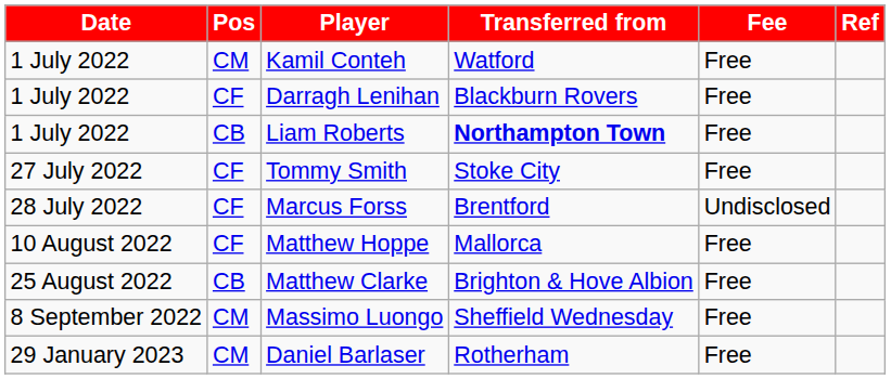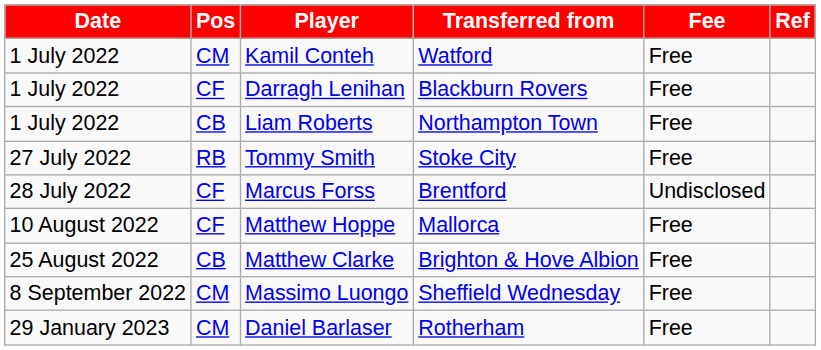 <table class="wikitable plainrowheaders sortable">
 <tr>
 <th style="background:#FF0000; color:#FFFFFF; ">Date</th>
 <th style="background:#FF0000; color:#FFFFFF; ">Pos</th>
 <th style="background:#FF0000; color:#FFFFFF; ">Player</th>
 <th style="background:#FF0000; color:#FFFFFF; ">Transferred from</th>
 <th style="background:#FF0000; color:#FFFFFF; ">Fee</th>
 <th style="background:#FF0000; color:#FFFFFF; ">Ref</th>
 </tr>
 <tr>
 <td>1 July 2022</td>
 <td><a href='#'>CM</a></td>
 <td> <a href='#'>Kamil Conteh</a></td>
 <td> <a href='#'>Watford</a></td>
 <td>Free</td>
 <td></td>
 </tr>
 <tr>
 <td>1 July 2022</td>
 <td><a href='#'>CF</a></td>
 <td> <a href='#'>Darragh Lenihan</a></td>
 <td> <a href='#'>Blackburn Rovers</a></td>
 <td>Free</td>
 <td></td>
 </tr>
 <tr>
 <td>1 July 2022</td>
 <td><a href='#'>CB</a></td>
 <td> <a href='#'>Liam Roberts</a></td>
-<td><strong> <a href='#'>Northampton Town</a></strong></td>
+<td> <a href='#'>Northampton Town</a></td>
 <td>Free</td>
 <td></td>
 </tr>
 <tr>
 <td>27 July 2022</td>
-<td><a href='#'>CF</a></td>
+<td><a href='#'>RB</a></td>
 <td> <a href='#'>Tommy Smith</a></td>
 <td> <a href='#'>Stoke City</a></td>
 <td>Free</td>
 <td></td>
 </tr>
 <tr>
 <td>28 July 2022</td>
 <td><a href='#'>CF</a></td>
 <td> <a href='#'>Marcus Forss</a></td>
 <td> <a href='#'>Brentford</a></td>
 <td>Undisclosed</td>
 <td></td>
 </tr>
 <tr>
 <td>10 August 2022</td>
 <td><a href='#'>CF</a></td>
 <td> <a href='#'>Matthew Hoppe</a></td>
 <td> <a href='#'>Mallorca</a></td>
 <td>Free</td>
 <td></td>
 </tr>
 <tr>
 <td>25 August 2022</td>
 <td><a href='#'>CB</a></td>
 <td> <a href='#'>Matthew Clarke</a></td>
 <td> <a href='#'>Brighton & Hove Albion</a></td>
 <td>Free</td>
 <td></td>
 </tr>
 <tr>
 <td>8 September 2022</td>
 <td><a href='#'>CM</a></td>
 <td> <a href='#'>Massimo Luongo</a></td>
 <td> <a href='#'>Sheffield Wednesday</a></td>
 <td>Free</td>
 <td></td>
 </tr>
 <tr>
 <td>29 January 2023</td>
 <td><a href='#'>CM</a></td>
 <td> <a href='#'>Daniel Barlaser</a></td>
 <td> <a href='#'>Rotherham</a></td>
 <td>Free</td>
 <td></td>
 </tr>
 </table>
